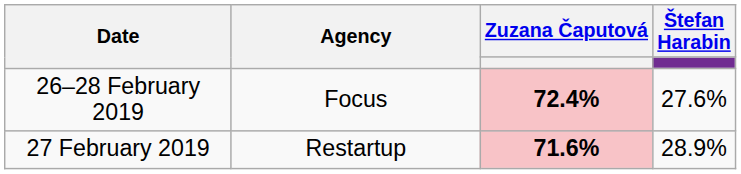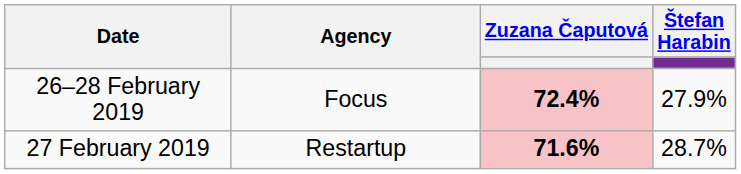 <table class="wikitable" style="text-align:center;">
 <tr style="font-size:85%;">
 <th style="width:150px;" rowspan="2">Date</th>
 <th style="width:165px;" rowspan="2">Agency</th>
 <th><a href='#'>Zuzana Čaputová</a></th>
 <th><a href='#'>Štefan Harabin</a></th>
 </tr>
 <tr>
 <th style="background:"></th>
 <th style="background:#702C91; width:40px;"></th>
 </tr>
 <tr>
 <td>26–28 February 2019</td>
 <td>Focus</td>
 <td style="background:#F8C3C7"><strong>72.4%</strong></td>
-<td>27.6%</td>
+<td>27.9%</td>
 </tr>
 <tr>
 <td>27 February 2019</td>
 <td>Restartup</td>
 <td style="background:#F8C3C7"><strong>71.6%</strong></td>
-<td>28.9%</td>
+<td>28.7%</td>
 </tr>
 </table>
